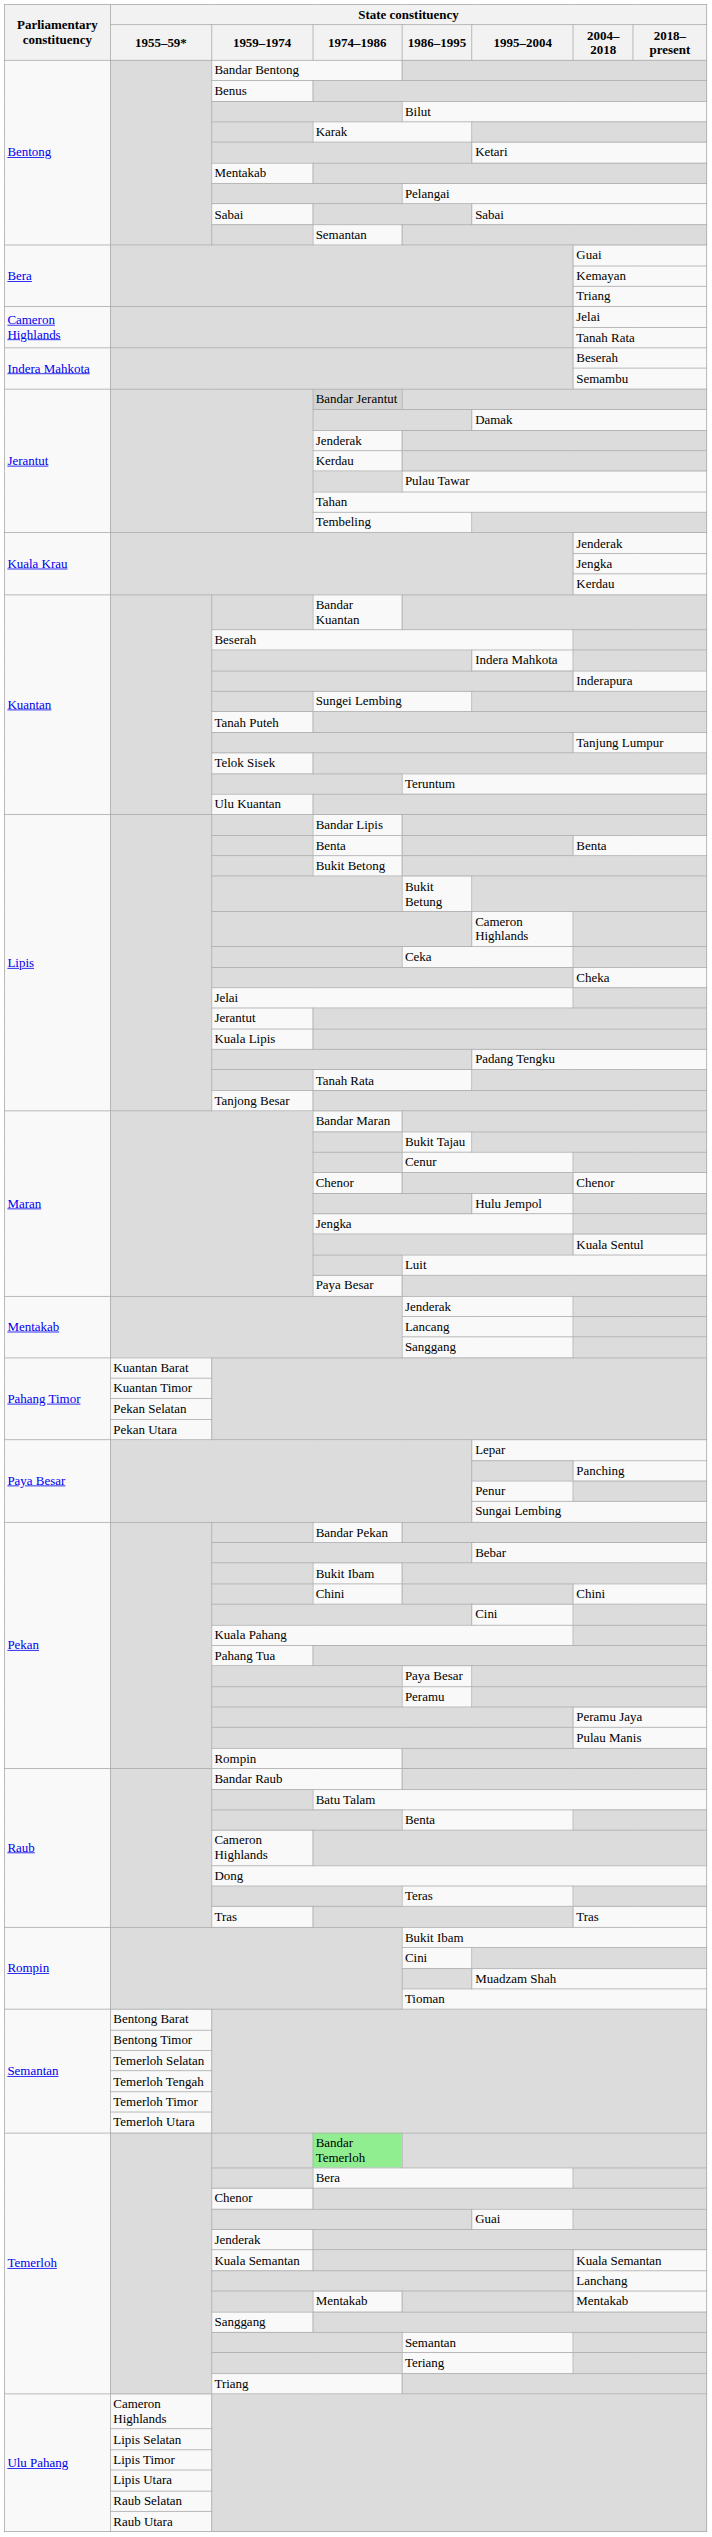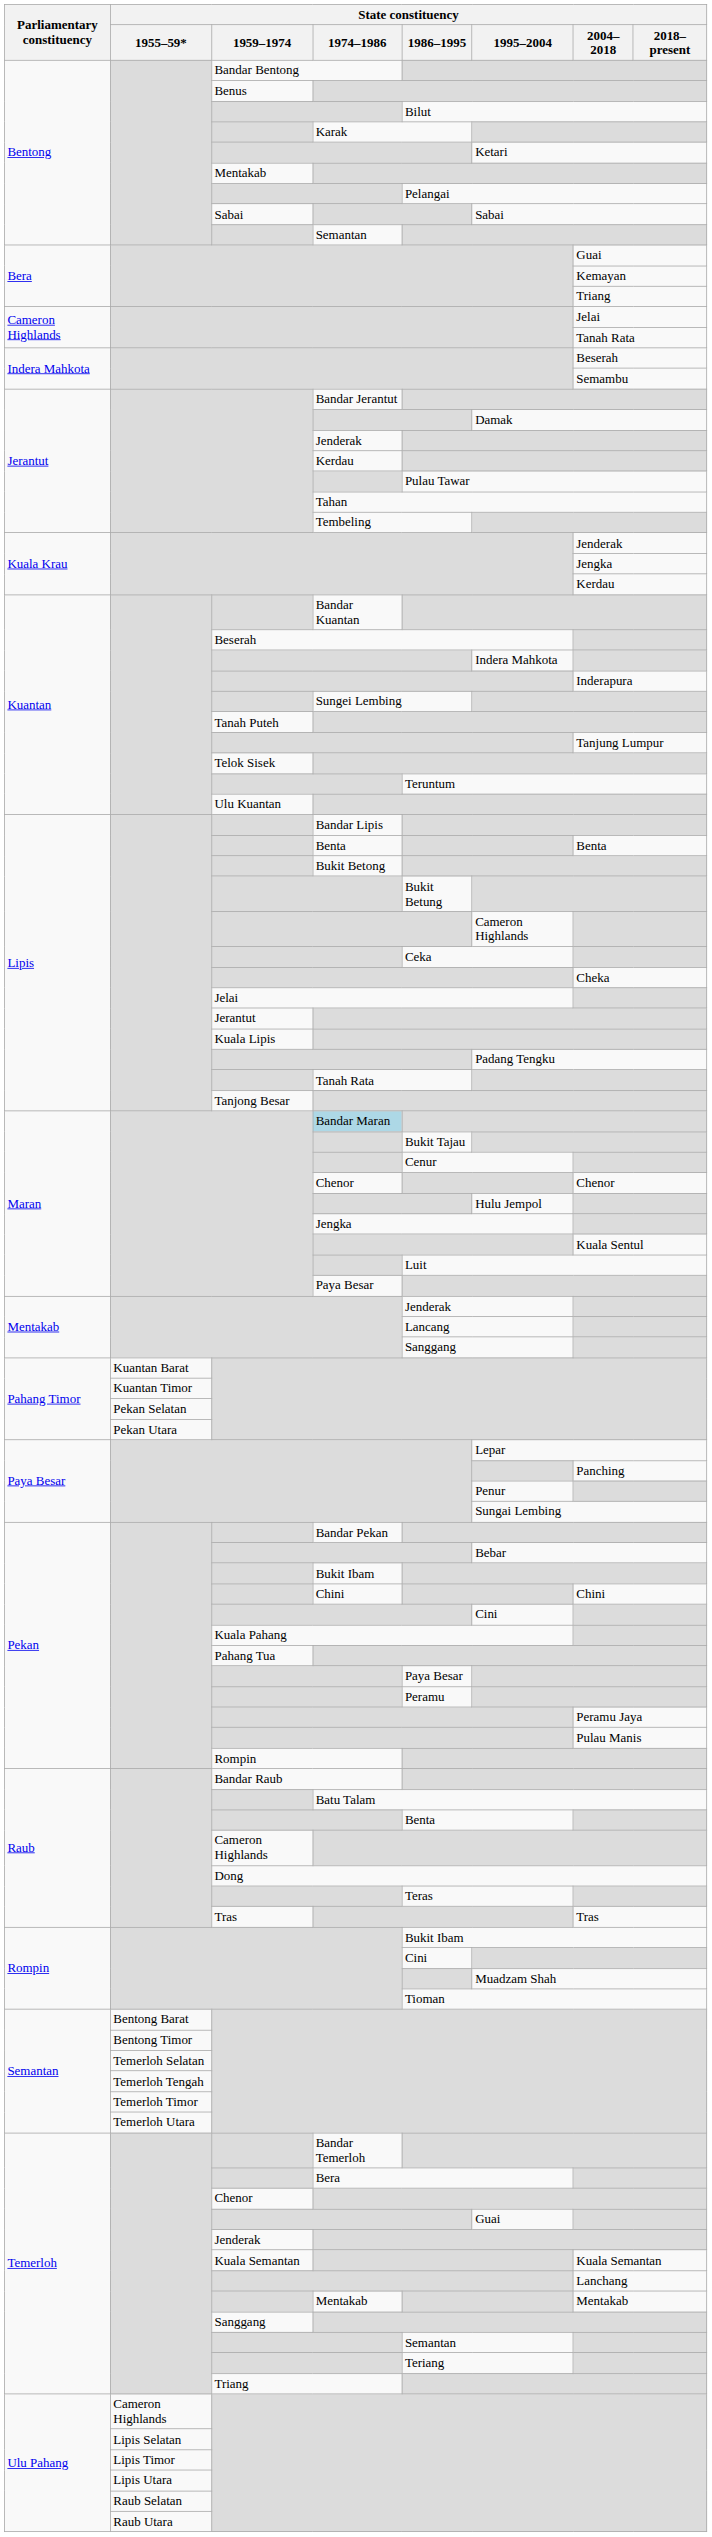 <table class=wikitable>
 <tr>
 <th rowspan=2>Parliamentary<br>constituency</th>
 <th colspan=7>State constituency</th>
 </tr>
 <tr>
 <th>1955–59*</th>
 <th>1959–1974</th>
 <th>1974–1986</th>
 <th>1986–1995</th>
 <th>1995–2004</th>
 <th>2004–2018</th>
 <th>2018–present</th>
 </tr>
 <tr>
 <td rowspan=9><a href='#'>Bentong</a></td>
 <td rowspan="9" bgcolor="dcdcdc"></td>
 <td colspan=2>Bandar Bentong</td>
 <td colspan=4 bgcolor=dcdcdc></td>
 </tr>
 <tr>
 <td>Benus</td>
 <td colspan=5 bgcolor=dcdcdc></td>
 </tr>
 <tr>
 <td colspan=2 bgcolor=dcdcdc></td>
 <td colspan=4>Bilut</td>
 </tr>
 <tr>
 <td bgcolor=dcdcdc></td>
 <td colspan=2>Karak</td>
 <td colspan=3 bgcolor=dcdcdc></td>
 </tr>
 <tr>
 <td colspan=3 bgcolor=dcdcdc></td>
 <td colspan=3>Ketari</td>
 </tr>
 <tr>
 <td>Mentakab</td>
 <td colspan=5 bgcolor=dcdcdc></td>
 </tr>
 <tr>
 <td colspan=2 bgcolor=dcdcdc></td>
 <td colspan=4>Pelangai</td>
 </tr>
 <tr>
 <td>Sabai</td>
 <td colspan=2 bgcolor=dcdcdc></td>
 <td colspan=3>Sabai</td>
 </tr>
 <tr>
 <td bgcolor=dcdcdc></td>
 <td>Semantan</td>
 <td colspan=4 bgcolor=dcdcdc></td>
 </tr>
 <tr>
 <td rowspan=3><a href='#'>Bera</a></td>
 <td colspan="5" rowspan="3" bgcolor="dcdcdc"></td>
 <td colspan=2>Guai</td>
 </tr>
 <tr>
 <td colspan=2>Kemayan</td>
 </tr>
 <tr>
 <td colspan=2>Triang</td>
 </tr>
 <tr>
 <td rowspan=2><a href='#'>Cameron Highlands</a></td>
 <td colspan="5" rowspan="2" bgcolor="dcdcdc"></td>
 <td colspan=2>Jelai</td>
 </tr>
 <tr>
 <td colspan=2>Tanah Rata</td>
 </tr>
 <tr>
 <td rowspan=2><a href='#'>Indera Mahkota</a></td>
 <td colspan="5" rowspan="2" bgcolor="dcdcdc"></td>
 <td colspan=2>Beserah</td>
 </tr>
 <tr>
 <td colspan=2>Semambu</td>
 </tr>
 <tr>
 <td rowspan=7><a href='#'>Jerantut</a></td>
 <td colspan="2" rowspan="7" bgcolor="dcdcdc"></td>
-<td style="background: lightgrey;">Bandar Jerantut</td>
+<td>Bandar Jerantut</td>
 <td colspan=4 bgcolor=dcdcdc></td>
 </tr>
 <tr>
 <td colspan=2 bgcolor=dcdcdc></td>
 <td colspan=3>Damak</td>
 </tr>
 <tr>
 <td>Jenderak</td>
 <td colspan=4 bgcolor=dcdcdc></td>
 </tr>
 <tr>
 <td>Kerdau</td>
 <td colspan=4 bgcolor=dcdcdc></td>
 </tr>
 <tr>
 <td bgcolor=dcdcdc></td>
 <td colspan=4>Pulau Tawar</td>
 </tr>
 <tr>
 <td colspan=5>Tahan</td>
 </tr>
 <tr>
 <td colspan=2>Tembeling</td>
 <td colspan=3 bgcolor=dcdcdc></td>
 </tr>
 <tr>
 <td rowspan=3><a href='#'>Kuala Krau</a></td>
 <td colspan="5" rowspan="3" bgcolor="dcdcdc"></td>
 <td colspan=2>Jenderak</td>
 </tr>
 <tr>
 <td colspan=2>Jengka</td>
 </tr>
 <tr>
 <td colspan=2>Kerdau</td>
 </tr>
 <tr>
 <td rowspan=10><a href='#'>Kuantan</a></td>
 <td rowspan="10" bgcolor="dcdcdc"></td>
 <td bgcolor=dcdcdc></td>
 <td>Bandar Kuantan</td>
 <td colspan=4 bgcolor=dcdcdc></td>
 </tr>
 <tr>
 <td colspan=4>Beserah</td>
 <td colspan=2 bgcolor=dcdcdc></td>
 </tr>
 <tr>
 <td colspan=3 bgcolor=dcdcdc></td>
 <td>Indera Mahkota</td>
 <td colspan=2 bgcolor=dcdcdc></td>
 </tr>
 <tr>
 <td colspan=4 bgcolor=dcdcdc></td>
 <td colspan=2>Inderapura</td>
 </tr>
 <tr>
 <td bgcolor=dcdcdc></td>
 <td colspan=2>Sungei Lembing</td>
 <td colspan=3 bgcolor=dcdcdc></td>
 </tr>
 <tr>
 <td>Tanah Puteh</td>
 <td colspan=5 bgcolor=dcdcdc></td>
 </tr>
 <tr>
 <td colspan=4 bgcolor=dcdcdc></td>
 <td colspan=2>Tanjung Lumpur</td>
 </tr>
 <tr>
 <td>Telok Sisek</td>
 <td colspan=5 bgcolor=dcdcdc></td>
 </tr>
 <tr>
 <td colspan=2 bgcolor=dcdcdc></td>
 <td colspan=4>Teruntum</td>
 </tr>
 <tr>
 <td>Ulu Kuantan</td>
 <td colspan=5 bgcolor=dcdcdc></td>
 </tr>
 <tr>
 <td rowspan=13><a href='#'>Lipis</a></td>
 <td rowspan="13" bgcolor="dcdcdc"></td>
 <td bgcolor=dcdcdc></td>
 <td>Bandar Lipis</td>
 <td colspan=4 bgcolor=dcdcdc></td>
 </tr>
 <tr>
 <td bgcolor=dcdcdc></td>
 <td>Benta</td>
 <td colspan=2 bgcolor=dcdcdc></td>
 <td colspan=2>Benta</td>
 </tr>
 <tr>
 <td bgcolor=dcdcdc></td>
 <td>Bukit Betong</td>
 <td colspan=4 bgcolor=dcdcdc></td>
 </tr>
 <tr>
 <td colspan=2 bgcolor=dcdcdc></td>
 <td>Bukit Betung</td>
 <td colspan=3 bgcolor=dcdcdc></td>
 </tr>
 <tr>
 <td colspan=3 bgcolor=dcdcdc></td>
 <td>Cameron Highlands</td>
 <td colspan=2 bgcolor=dcdcdc></td>
 </tr>
 <tr>
 <td colspan=2 bgcolor=dcdcdc></td>
 <td colspan=2>Ceka</td>
 <td colspan=2 bgcolor=dcdcdc></td>
 </tr>
 <tr>
 <td colspan=4 bgcolor=dcdcdc></td>
 <td colspan=2>Cheka</td>
 </tr>
 <tr>
 <td colspan=4>Jelai</td>
 <td colspan=2 bgcolor=dcdcdc></td>
 </tr>
 <tr>
 <td>Jerantut</td>
 <td colspan=5 bgcolor=dcdcdc></td>
 </tr>
 <tr>
 <td>Kuala Lipis</td>
 <td colspan=5 bgcolor=dcdcdc></td>
 </tr>
 <tr>
 <td colspan=3 bgcolor=dcdcdc></td>
 <td colspan=3>Padang Tengku</td>
 </tr>
 <tr>
 <td bgcolor=dcdcdc></td>
 <td colspan=2>Tanah Rata</td>
 <td colspan=3 bgcolor=dcdcdc></td>
 </tr>
 <tr>
 <td>Tanjong Besar</td>
 <td colspan=5 bgcolor=dcdcdc></td>
 </tr>
 <tr>
 <td rowspan=9><a href='#'>Maran</a></td>
 <td colspan="2" rowspan="9" bgcolor="dcdcdc"></td>
-<td>Bandar Maran</td>
+<td style="background: lightblue;">Bandar Maran</td>
 <td colspan=4 bgcolor=dcdcdc></td>
 </tr>
 <tr>
 <td bgcolor=dcdcdc></td>
 <td>Bukit Tajau</td>
 <td colspan=3 bgcolor=dcdcdc></td>
 </tr>
 <tr>
 <td bgcolor=dcdcdc></td>
 <td colspan=2>Cenur</td>
 <td colspan=2 bgcolor=dcdcdc></td>
 </tr>
 <tr>
 <td>Chenor</td>
 <td colspan=2 bgcolor=dcdcdc></td>
 <td colspan=2>Chenor</td>
 </tr>
 <tr>
 <td colspan=2 bgcolor=dcdcdc></td>
 <td>Hulu Jempol</td>
 <td colspan=2 bgcolor=dcdcdc></td>
 </tr>
 <tr>
 <td colspan=3>Jengka</td>
 <td colspan=2 bgcolor=dcdcdc></td>
 </tr>
 <tr>
 <td colspan=3 bgcolor=dcdcdc></td>
 <td colspan=2>Kuala Sentul</td>
 </tr>
 <tr>
 <td bgcolor=dcdcdc></td>
 <td colspan=4>Luit</td>
 </tr>
 <tr>
 <td>Paya Besar</td>
 <td colspan=4 bgcolor=dcdcdc></td>
 </tr>
 <tr>
 <td rowspan=3><a href='#'>Mentakab</a></td>
 <td colspan="3" rowspan="3" bgcolor="dcdcdc"></td>
 <td colspan=2>Jenderak</td>
 <td colspan=2 bgcolor=dcdcdc></td>
 </tr>
 <tr>
 <td colspan=2>Lancang</td>
 <td colspan=2 bgcolor=dcdcdc></td>
 </tr>
 <tr>
 <td colspan=2>Sanggang</td>
 <td colspan=2 bgcolor=dcdcdc></td>
 </tr>
 <tr>
 <td rowspan="4"><a href='#'>Pahang Timor</a></td>
 <td>Kuantan Barat</td>
 <td colspan="6" rowspan="4" bgcolor="dcdcdc"></td>
 </tr>
 <tr>
 <td>Kuantan Timor</td>
 </tr>
 <tr>
 <td>Pekan Selatan</td>
 </tr>
 <tr>
 <td>Pekan Utara</td>
 </tr>
 <tr>
 <td rowspan=4><a href='#'>Paya Besar</a></td>
 <td colspan="4" rowspan="4" bgcolor="dcdcdc"></td>
 <td colspan=3>Lepar</td>
 </tr>
 <tr>
 <td bgcolor=dcdcdc></td>
 <td colspan=2>Panching</td>
 </tr>
 <tr>
 <td>Penur</td>
 <td colspan=2 bgcolor=dcdcdc></td>
 </tr>
 <tr>
 <td colspan=3>Sungai Lembing</td>
 </tr>
 <tr>
 <td rowspan=12><a href='#'>Pekan</a></td>
 <td rowspan="12" bgcolor="dcdcdc"></td>
 <td bgcolor=dcdcdc></td>
 <td>Bandar Pekan</td>
 <td colspan=4 bgcolor=dcdcdc></td>
 </tr>
 <tr>
 <td colspan=3 bgcolor=dcdcdc></td>
 <td colspan=3>Bebar</td>
 </tr>
 <tr>
 <td bgcolor=dcdcdc></td>
 <td>Bukit Ibam</td>
 <td colspan=4 bgcolor=dcdcdc></td>
 </tr>
 <tr>
 <td bgcolor=dcdcdc></td>
 <td>Chini</td>
 <td colspan=2 bgcolor=dcdcdc></td>
 <td colspan=2>Chini</td>
 </tr>
 <tr>
 <td colspan=3 bgcolor=dcdcdc></td>
 <td>Cini</td>
 <td colspan=2 bgcolor=dcdcdc></td>
 </tr>
 <tr>
 <td colspan=4>Kuala Pahang</td>
 <td colspan=2 bgcolor=dcdcdc></td>
 </tr>
 <tr>
 <td>Pahang Tua</td>
 <td colspan=5 bgcolor=dcdcdc></td>
 </tr>
 <tr>
 <td colspan=2 bgcolor=dcdcdc></td>
 <td>Paya Besar</td>
 <td colspan=3 bgcolor=dcdcdc></td>
 </tr>
 <tr>
 <td colspan=2 bgcolor=dcdcdc></td>
 <td>Peramu</td>
 <td colspan=3 bgcolor=dcdcdc></td>
 </tr>
 <tr>
 <td colspan=4 bgcolor=dcdcdc></td>
 <td colspan=2>Peramu Jaya</td>
 </tr>
 <tr>
 <td colspan=4 bgcolor=dcdcdc></td>
 <td colspan=2>Pulau Manis</td>
 </tr>
 <tr>
 <td colspan=2>Rompin</td>
 <td colspan=4 bgcolor=dcdcdc></td>
 </tr>
 <tr>
 <td rowspan=7><a href='#'>Raub</a></td>
 <td rowspan="7" bgcolor="dcdcdc"></td>
 <td colspan=2>Bandar Raub</td>
 <td colspan=4 bgcolor=dcdcdc></td>
 </tr>
 <tr>
 <td bgcolor=dcdcdc></td>
 <td colspan=5>Batu Talam</td>
 </tr>
 <tr>
 <td colspan=2 bgcolor=dcdcdc></td>
 <td colspan=2>Benta</td>
 <td colspan=2 bgcolor=dcdcdc></td>
 </tr>
 <tr>
 <td>Cameron Highlands</td>
 <td colspan=5 bgcolor=dcdcdc></td>
 </tr>
 <tr>
 <td colspan=6>Dong</td>
 </tr>
 <tr>
 <td colspan=2 bgcolor=dcdcdc></td>
 <td colspan=2>Teras</td>
 <td colspan=2 bgcolor=dcdcdc></td>
 </tr>
 <tr>
 <td>Tras</td>
 <td colspan=3 bgcolor=dcdcdc></td>
 <td colspan=2>Tras</td>
 </tr>
 <tr>
 <td rowspan=4><a href='#'>Rompin</a></td>
 <td colspan="3" rowspan="4" bgcolor="dcdcdc"></td>
 <td colspan=4>Bukit Ibam</td>
 </tr>
 <tr>
 <td>Cini</td>
 <td colspan=3 bgcolor=dcdcdc></td>
 </tr>
 <tr>
 <td bgcolor=dcdcdc></td>
 <td colspan=3>Muadzam Shah</td>
 </tr>
 <tr>
 <td colspan=4>Tioman</td>
 </tr>
 <tr>
 <td rowspan="6"><a href='#'>Semantan</a></td>
 <td>Bentong Barat</td>
 <td colspan="6" rowspan="6" bgcolor="dcdcdc"></td>
 </tr>
 <tr>
 <td>Bentong Timor</td>
 </tr>
 <tr>
 <td>Temerloh Selatan</td>
 </tr>
 <tr>
 <td>Temerloh Tengah</td>
 </tr>
 <tr>
 <td>Temerloh Timor</td>
 </tr>
 <tr>
 <td>Temerloh Utara</td>
 </tr>
 <tr>
 <td rowspan=12><a href='#'>Temerloh</a></td>
 <td rowspan="12" bgcolor="dcdcdc"></td>
 <td bgcolor=dcdcdc></td>
-<td style="background: lightgreen;">Bandar Temerloh</td>
+<td>Bandar Temerloh</td>
 <td colspan=4 bgcolor=dcdcdc></td>
 </tr>
 <tr>
 <td bgcolor=dcdcdc></td>
 <td colspan=3>Bera</td>
 <td colspan=2 bgcolor=dcdcdc></td>
 </tr>
 <tr>
 <td>Chenor</td>
 <td colspan=5 bgcolor=dcdcdc></td>
 </tr>
 <tr>
 <td colspan=3 bgcolor=dcdcdc></td>
 <td>Guai</td>
 <td colspan=2 bgcolor=dcdcdc></td>
 </tr>
 <tr>
 <td>Jenderak</td>
 <td colspan=5 bgcolor=dcdcdc></td>
 </tr>
 <tr>
 <td>Kuala Semantan</td>
 <td colspan=3 bgcolor=dcdcdc></td>
 <td colspan=2>Kuala Semantan</td>
 </tr>
 <tr>
 <td colspan=4 bgcolor=dcdcdc></td>
 <td colspan=2>Lanchang</td>
 </tr>
 <tr>
 <td bgcolor=dcdcdc></td>
 <td>Mentakab</td>
 <td colspan=2 bgcolor=dcdcdc></td>
 <td colspan=2>Mentakab</td>
 </tr>
 <tr>
 <td>Sanggang</td>
 <td colspan=5 bgcolor=dcdcdc></td>
 </tr>
 <tr>
 <td colspan=2 bgcolor=dcdcdc></td>
 <td colspan=2>Semantan</td>
 <td colspan=2 bgcolor=dcdcdc></td>
 </tr>
 <tr>
 <td colspan=2 bgcolor=dcdcdc></td>
 <td colspan=2>Teriang</td>
 <td colspan=2 bgcolor=dcdcdc></td>
 </tr>
 <tr>
 <td colspan=2>Triang</td>
 <td colspan=4 bgcolor=dcdcdc></td>
 </tr>
 <tr>
 <td rowspan="6"><a href='#'>Ulu Pahang</a></td>
 <td>Cameron Highlands</td>
 <td colspan="6" rowspan="6" bgcolor="dcdcdc"></td>
 </tr>
 <tr>
 <td>Lipis Selatan</td>
 </tr>
 <tr>
 <td>Lipis Timor</td>
 </tr>
 <tr>
 <td>Lipis Utara</td>
 </tr>
 <tr>
 <td>Raub Selatan</td>
 </tr>
 <tr>
 <td>Raub Utara</td>
 </tr>
 </table>
